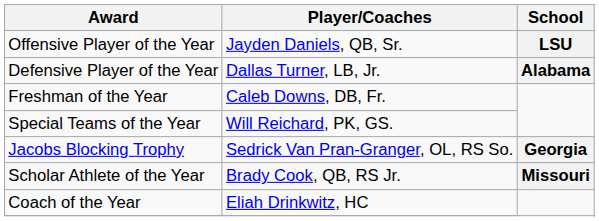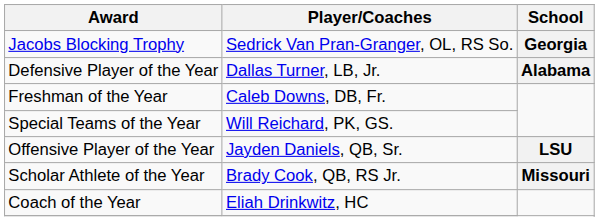 <table class="wikitable" border="0">
 <tr>
 <th>Award</th>
 <th>Player/Coaches</th>
 <th>School</th>
 </tr>
 <tr>
-<td>Offensive Player of the Year</td>
-<td><a href='#'>Jayden Daniels</a>, QB, Sr.</td>
-<th>LSU</th>
+<td><a href='#'>Jacobs Blocking Trophy</a></td>
+<td><a href='#'>Sedrick Van Pran-Granger</a>, OL, RS So.</td>
+<th>Georgia</th>
 </tr>
 <tr>
 <td>Defensive Player of the Year</td>
 <td><a href='#'>Dallas Turner</a>, LB, Jr.</td>
 <th>Alabama</th>
 </tr>
 <tr>
 <td>Freshman of the Year</td>
 <td><a href='#'>Caleb Downs</a>, DB, Fr.</td>
 </tr>
 <tr>
 <td>Special Teams of the Year</td>
 <td><a href='#'>Will Reichard</a>, PK, GS.</td>
 </tr>
 <tr>
-<td><a href='#'>Jacobs Blocking Trophy</a></td>
-<td><a href='#'>Sedrick Van Pran-Granger</a>, OL, RS So.</td>
-<th>Georgia</th>
+<td>Offensive Player of the Year</td>
+<td><a href='#'>Jayden Daniels</a>, QB, Sr.</td>
+<th>LSU</th>
 </tr>
 <tr>
 <td>Scholar Athlete of the Year</td>
 <td><a href='#'>Brady Cook</a>, QB, RS Jr.</td>
 <th>Missouri</th>
 </tr>
 <tr>
 <td>Coach of the Year</td>
 <td><a href='#'>Eliah Drinkwitz</a>, HC</td>
 </tr>
 <tr>
 </tr>
 </table>
